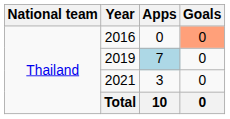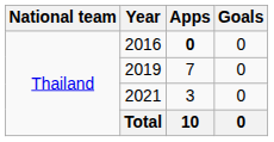 <table class="wikitable" style="text-align:center">
 <tr>
 <th>National team</th>
 <th>Year</th>
 <th>Apps</th>
 <th>Goals</th>
 </tr>
 <tr>
 <td rowspan="5" valign="center"><a href='#'>Thailand</a></td>
 <td>2016</td>
+<td><strong>0</strong></td>
 <td>0</td>
-<td style="background: lightsalmon;">0</td>
 </tr>
 <tr>
 <td>2019</td>
-<td style="background: lightblue;">7</td>
+<td>7</td>
 <td>0</td>
 </tr>
 <tr>
 <td>2021</td>
 <td>3</td>
 <td>0</td>
 </tr>
 <tr>
 <th>Total</th>
 <th>10</th>
 <th>0</th>
 </tr>
 </table>
